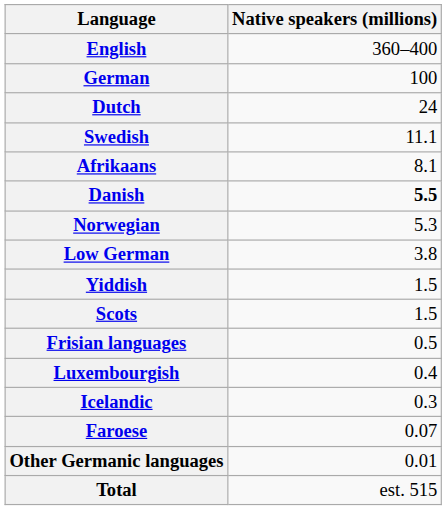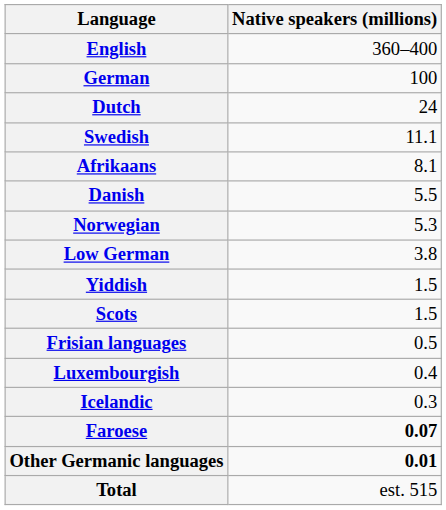 <table class="wikitable" style="margin-left:1em">
 <tr>
 <th>Language</th>
 <th>Native speakers (millions)</th>
 </tr>
 <tr>
 <th><a href='#'>English</a></th>
 <td style="text-align: right;">360–400</td>
 </tr>
 <tr>
 <th><a href='#'>German</a></th>
 <td style="text-align: right;">100</td>
 </tr>
 <tr>
 <th><a href='#'>Dutch</a></th>
 <td style="text-align: right;">24</td>
 </tr>
 <tr>
 <th><a href='#'>Swedish</a></th>
 <td style="text-align: right;">11.1</td>
 </tr>
 <tr>
 <th><a href='#'>Afrikaans</a></th>
 <td style="text-align: right;">8.1</td>
 </tr>
 <tr>
 <th><a href='#'>Danish</a></th>
-<td style="text-align: right;"><strong>5.5</strong></td>
+<td style="text-align: right;">5.5</td>
 </tr>
 <tr>
 <th><a href='#'>Norwegian</a></th>
 <td style="text-align: right;">5.3</td>
 </tr>
 <tr>
 <th><a href='#'>Low German</a></th>
 <td style="text-align: right;">3.8</td>
 </tr>
 <tr>
 <th><a href='#'>Yiddish</a></th>
 <td style="text-align: right;">1.5</td>
 </tr>
 <tr>
 <th><a href='#'>Scots</a></th>
 <td style="text-align: right;">1.5</td>
 </tr>
 <tr>
 <th><a href='#'>Frisian languages</a></th>
 <td style="text-align: right;">0.5</td>
 </tr>
 <tr>
 <th><a href='#'>Luxembourgish</a></th>
 <td style="text-align: right;">0.4</td>
 </tr>
 <tr>
 <th><a href='#'>Icelandic</a></th>
 <td style="text-align: right;">0.3</td>
 </tr>
 <tr>
 <th><a href='#'>Faroese</a></th>
-<td style="text-align: right;">0.07</td>
+<td style="text-align: right;"><strong>0.07</strong></td>
 </tr>
 <tr>
 <th>Other Germanic languages</th>
-<td style="text-align: right;">0.01</td>
+<td style="text-align: right;"><strong>0.01</strong></td>
 </tr>
 <tr>
 <th>Total</th>
 <td style="text-align: right;">est. 515</td>
 </tr>
 </table>
